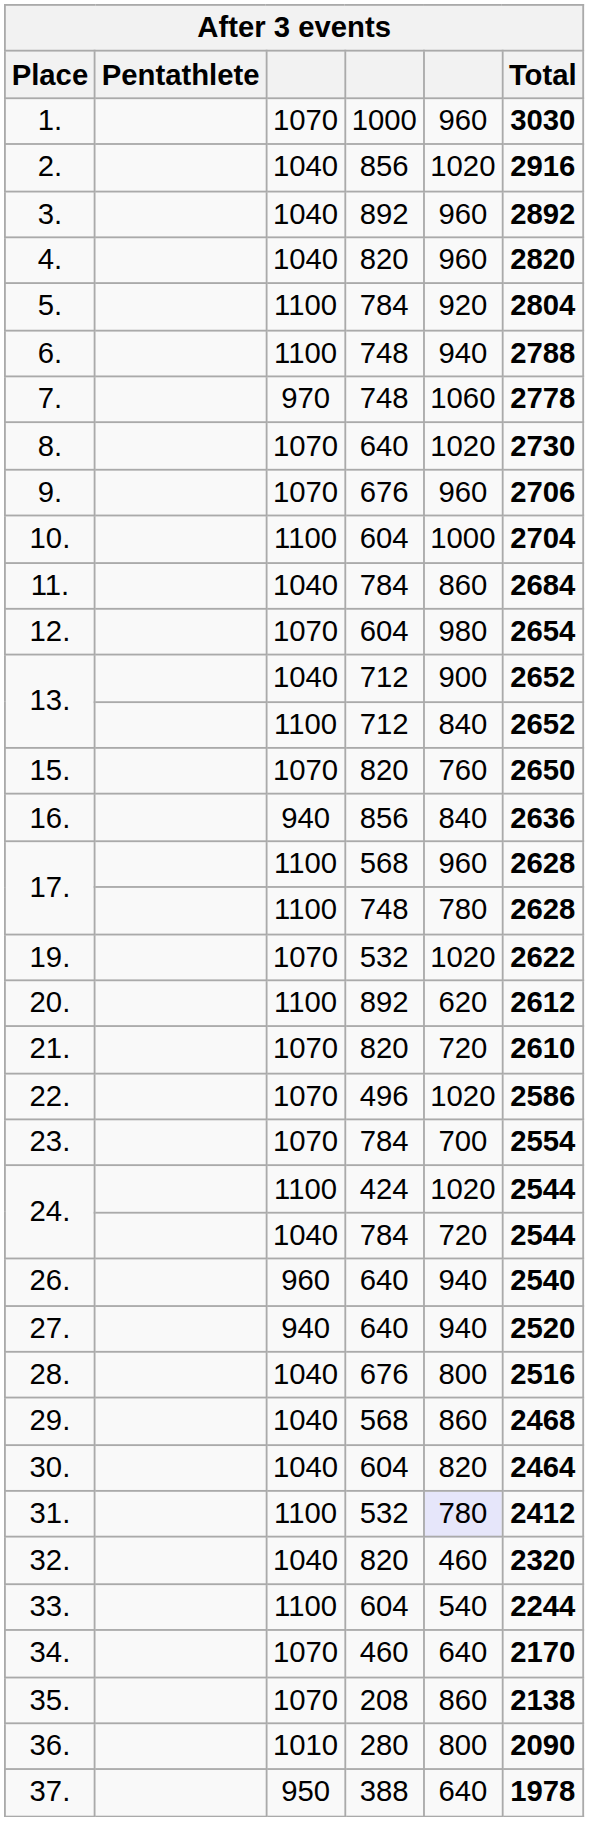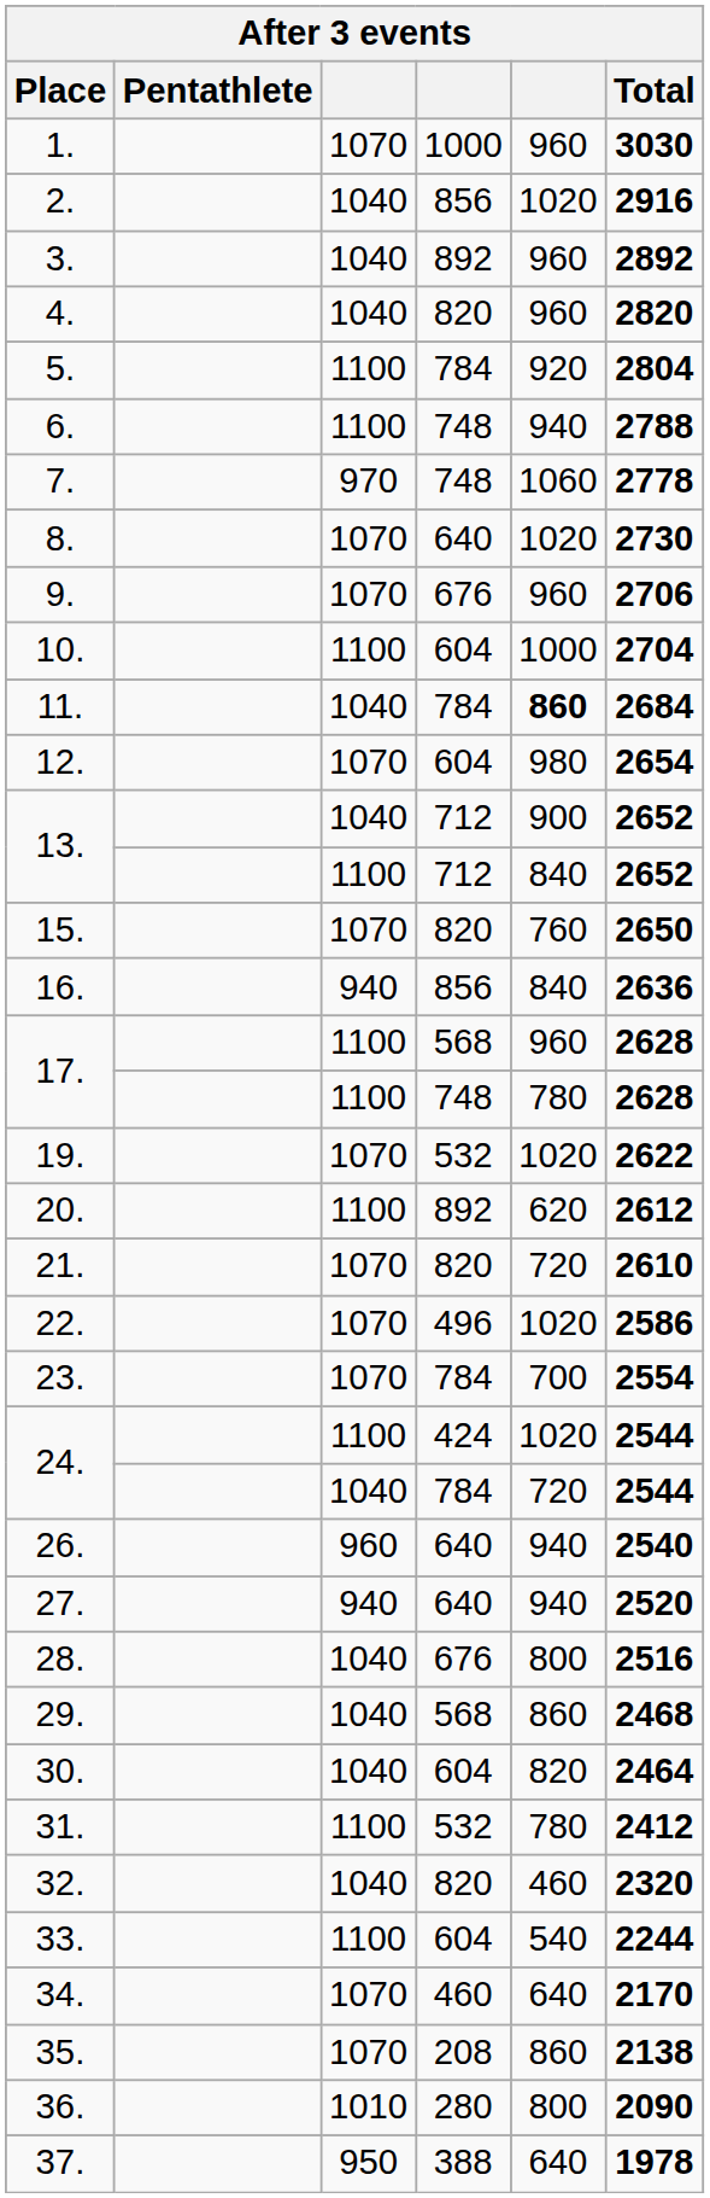 <table class=wikitable style="text-align:center">
 <tr>
 <th colspan=6>After 3 events</th>
 </tr>
 <tr>
 <th>Place</th>
 <th>Pentathlete</th>
 <th></th>
 <th></th>
 <th></th>
 <th>Total</th>
 </tr>
 <tr>
 <td>1.</td>
 <td align=left></td>
 <td>1070</td>
 <td>1000</td>
 <td>960</td>
 <td><strong>3030</strong></td>
 </tr>
 <tr>
 <td>2.</td>
 <td align=left></td>
 <td>1040</td>
 <td>856</td>
 <td>1020</td>
 <td><strong>2916</strong></td>
 </tr>
 <tr>
 <td>3.</td>
 <td align=left></td>
 <td>1040</td>
 <td>892</td>
 <td>960</td>
 <td><strong>2892</strong></td>
 </tr>
 <tr>
 <td>4.</td>
 <td align=left></td>
 <td>1040</td>
 <td>820</td>
 <td>960</td>
 <td><strong>2820</strong></td>
 </tr>
 <tr>
 <td>5.</td>
 <td align=left></td>
 <td>1100</td>
 <td>784</td>
 <td>920</td>
 <td><strong>2804</strong></td>
 </tr>
 <tr>
 <td>6.</td>
 <td align=left></td>
 <td>1100</td>
 <td>748</td>
 <td>940</td>
 <td><strong>2788</strong></td>
 </tr>
 <tr>
 <td>7.</td>
 <td align=left></td>
 <td>970</td>
 <td>748</td>
 <td>1060</td>
 <td><strong>2778</strong></td>
 </tr>
 <tr>
 <td>8.</td>
 <td align=left></td>
 <td>1070</td>
 <td>640</td>
 <td>1020</td>
 <td><strong>2730</strong></td>
 </tr>
 <tr>
 <td>9.</td>
 <td align=left></td>
 <td>1070</td>
 <td>676</td>
 <td>960</td>
 <td><strong>2706</strong></td>
 </tr>
 <tr>
 <td>10.</td>
 <td align=left></td>
 <td>1100</td>
 <td>604</td>
 <td>1000</td>
 <td><strong>2704</strong></td>
 </tr>
 <tr>
 <td>11.</td>
 <td align=left></td>
 <td>1040</td>
 <td>784</td>
-<td>860</td>
+<td><strong>860</strong></td>
 <td><strong>2684</strong></td>
 </tr>
 <tr>
 <td>12.</td>
 <td align=left></td>
 <td>1070</td>
 <td>604</td>
 <td>980</td>
 <td><strong>2654</strong></td>
 </tr>
 <tr>
 <td rowspan=2>13.</td>
 <td align=left></td>
 <td>1040</td>
 <td>712</td>
 <td>900</td>
 <td><strong>2652</strong></td>
 </tr>
 <tr>
 <td align=left></td>
 <td>1100</td>
 <td>712</td>
 <td>840</td>
 <td><strong>2652</strong></td>
 </tr>
 <tr>
 <td>15.</td>
 <td align=left></td>
 <td>1070</td>
 <td>820</td>
 <td>760</td>
 <td><strong>2650</strong></td>
 </tr>
 <tr>
 <td>16.</td>
 <td align=left></td>
 <td>940</td>
 <td>856</td>
 <td>840</td>
 <td><strong>2636</strong></td>
 </tr>
 <tr>
 <td rowspan=2>17.</td>
 <td align=left></td>
 <td>1100</td>
 <td>568</td>
 <td>960</td>
 <td><strong>2628</strong></td>
 </tr>
 <tr>
 <td align=left></td>
 <td>1100</td>
 <td>748</td>
 <td>780</td>
 <td><strong>2628</strong></td>
 </tr>
 <tr>
 <td>19.</td>
 <td align=left></td>
 <td>1070</td>
 <td>532</td>
 <td>1020</td>
 <td><strong>2622</strong></td>
 </tr>
 <tr>
 <td>20.</td>
 <td align=left></td>
 <td>1100</td>
 <td>892</td>
 <td>620</td>
 <td><strong>2612</strong></td>
 </tr>
 <tr>
 <td>21.</td>
 <td align=left></td>
 <td>1070</td>
 <td>820</td>
 <td>720</td>
 <td><strong>2610</strong></td>
 </tr>
 <tr>
 <td>22.</td>
 <td align=left></td>
 <td>1070</td>
 <td>496</td>
 <td>1020</td>
 <td><strong>2586</strong></td>
 </tr>
 <tr>
 <td>23.</td>
 <td align=left></td>
 <td>1070</td>
 <td>784</td>
 <td>700</td>
 <td><strong>2554</strong></td>
 </tr>
 <tr>
 <td rowspan=2>24.</td>
 <td align=left></td>
 <td>1100</td>
 <td>424</td>
 <td>1020</td>
 <td><strong>2544</strong></td>
 </tr>
 <tr>
 <td align=left></td>
 <td>1040</td>
 <td>784</td>
 <td>720</td>
 <td><strong>2544</strong></td>
 </tr>
 <tr>
 <td>26.</td>
 <td align=left></td>
 <td>960</td>
 <td>640</td>
 <td>940</td>
 <td><strong>2540</strong></td>
 </tr>
 <tr>
 <td>27.</td>
 <td align=left></td>
 <td>940</td>
 <td>640</td>
 <td>940</td>
 <td><strong>2520</strong></td>
 </tr>
 <tr>
 <td>28.</td>
 <td align=left></td>
 <td>1040</td>
 <td>676</td>
 <td>800</td>
 <td><strong>2516</strong></td>
 </tr>
 <tr>
 <td>29.</td>
 <td align=left></td>
 <td>1040</td>
 <td>568</td>
 <td>860</td>
 <td><strong>2468</strong></td>
 </tr>
 <tr>
 <td>30.</td>
 <td align=left></td>
 <td>1040</td>
 <td>604</td>
 <td>820</td>
 <td><strong>2464</strong></td>
 </tr>
 <tr>
 <td>31.</td>
 <td align=left></td>
 <td>1100</td>
 <td>532</td>
-<td style="background: lavender;">780</td>
+<td>780</td>
 <td><strong>2412</strong></td>
 </tr>
 <tr>
 <td>32.</td>
 <td align=left></td>
 <td>1040</td>
 <td>820</td>
 <td>460</td>
 <td><strong>2320</strong></td>
 </tr>
 <tr>
 <td>33.</td>
 <td align=left></td>
 <td>1100</td>
 <td>604</td>
 <td>540</td>
 <td><strong>2244</strong></td>
 </tr>
 <tr>
 <td>34.</td>
 <td align=left></td>
 <td>1070</td>
 <td>460</td>
 <td>640</td>
 <td><strong>2170</strong></td>
 </tr>
 <tr>
 <td>35.</td>
 <td align=left></td>
 <td>1070</td>
 <td>208</td>
 <td>860</td>
 <td><strong>2138</strong></td>
 </tr>
 <tr>
 <td>36.</td>
 <td align=left></td>
 <td>1010</td>
 <td>280</td>
 <td>800</td>
 <td><strong>2090</strong></td>
 </tr>
 <tr>
 <td>37.</td>
 <td align=left></td>
 <td>950</td>
 <td>388</td>
 <td>640</td>
 <td><strong>1978</strong></td>
 </tr>
 </table>
